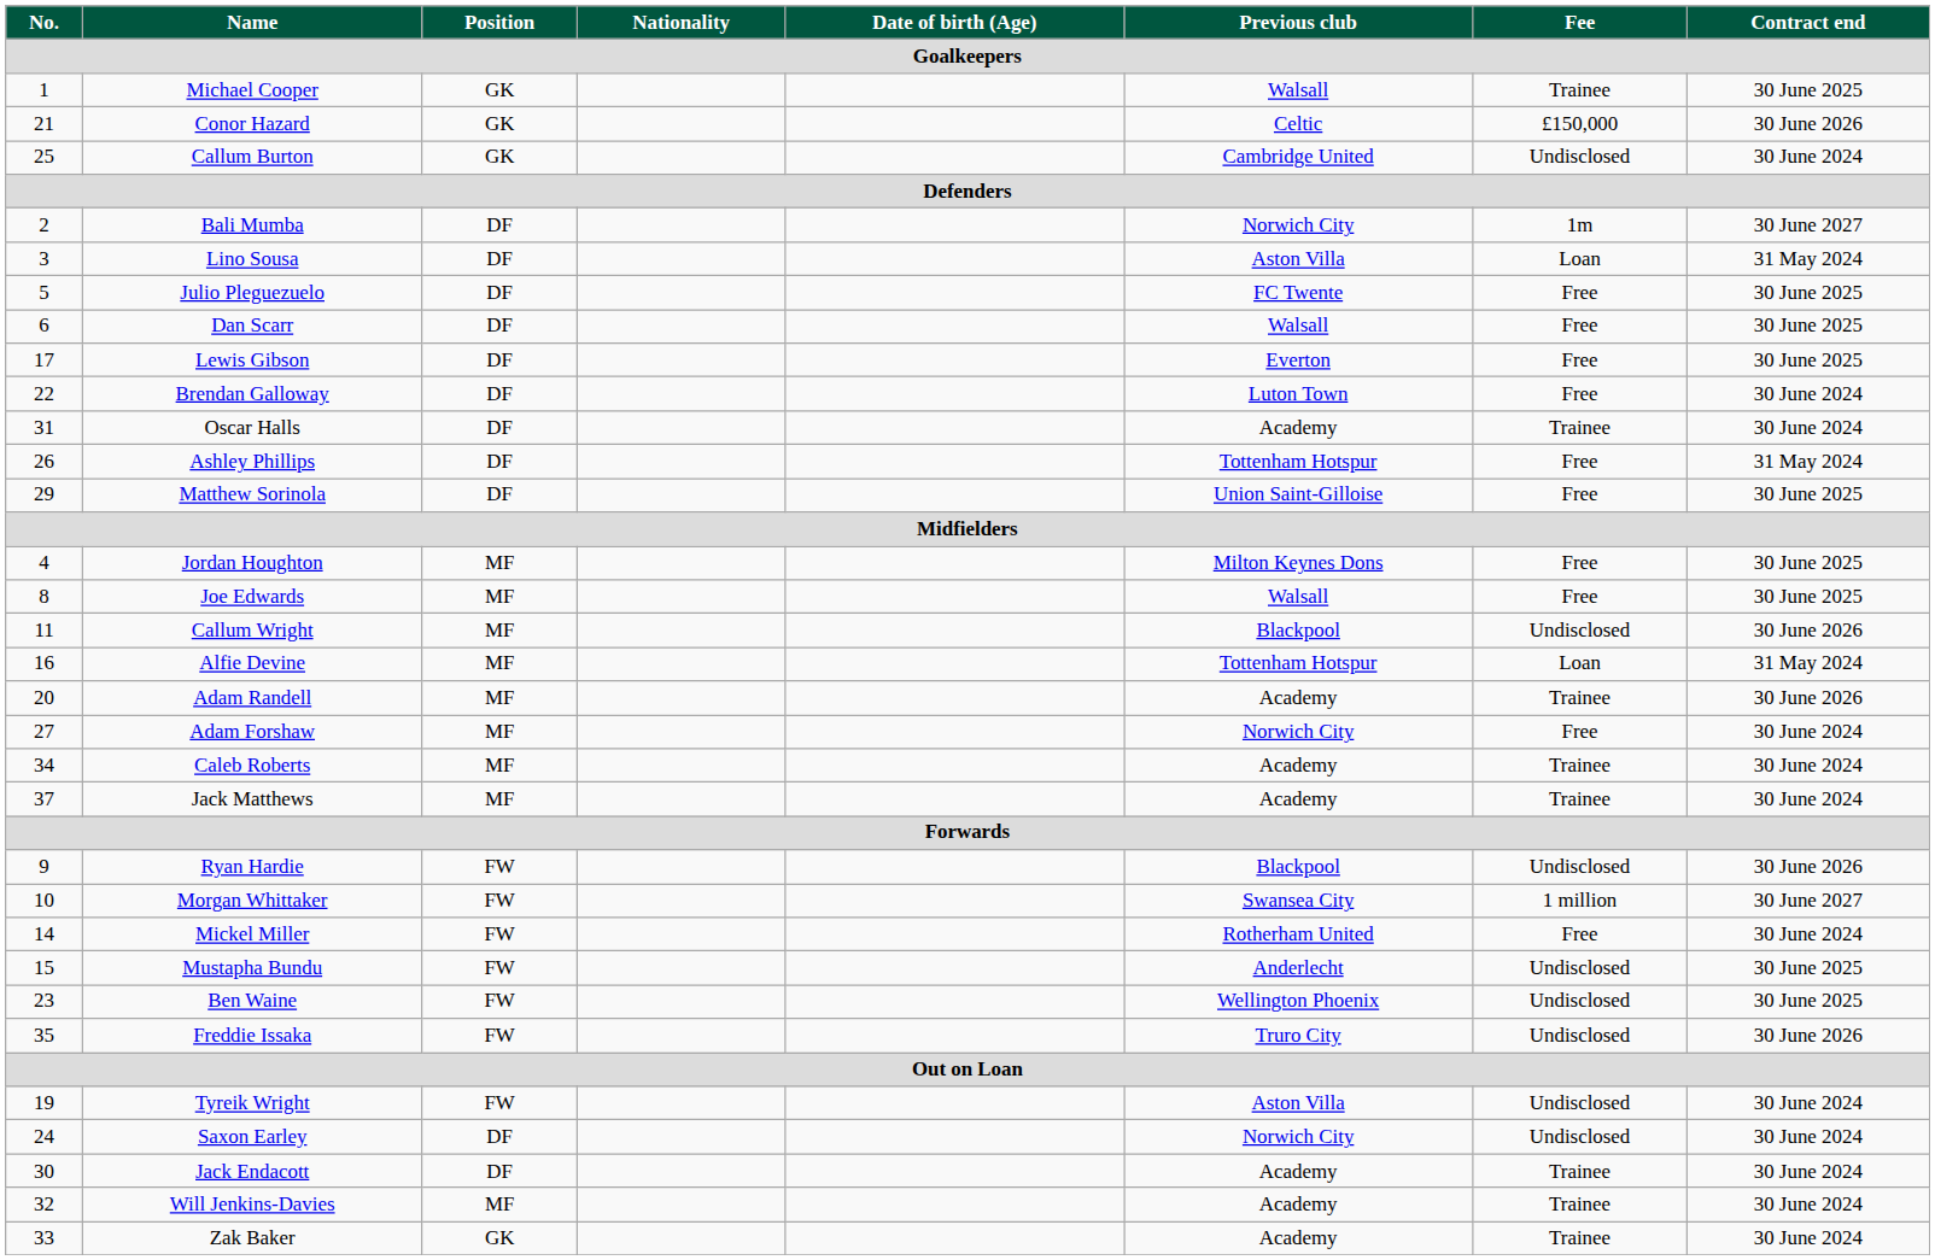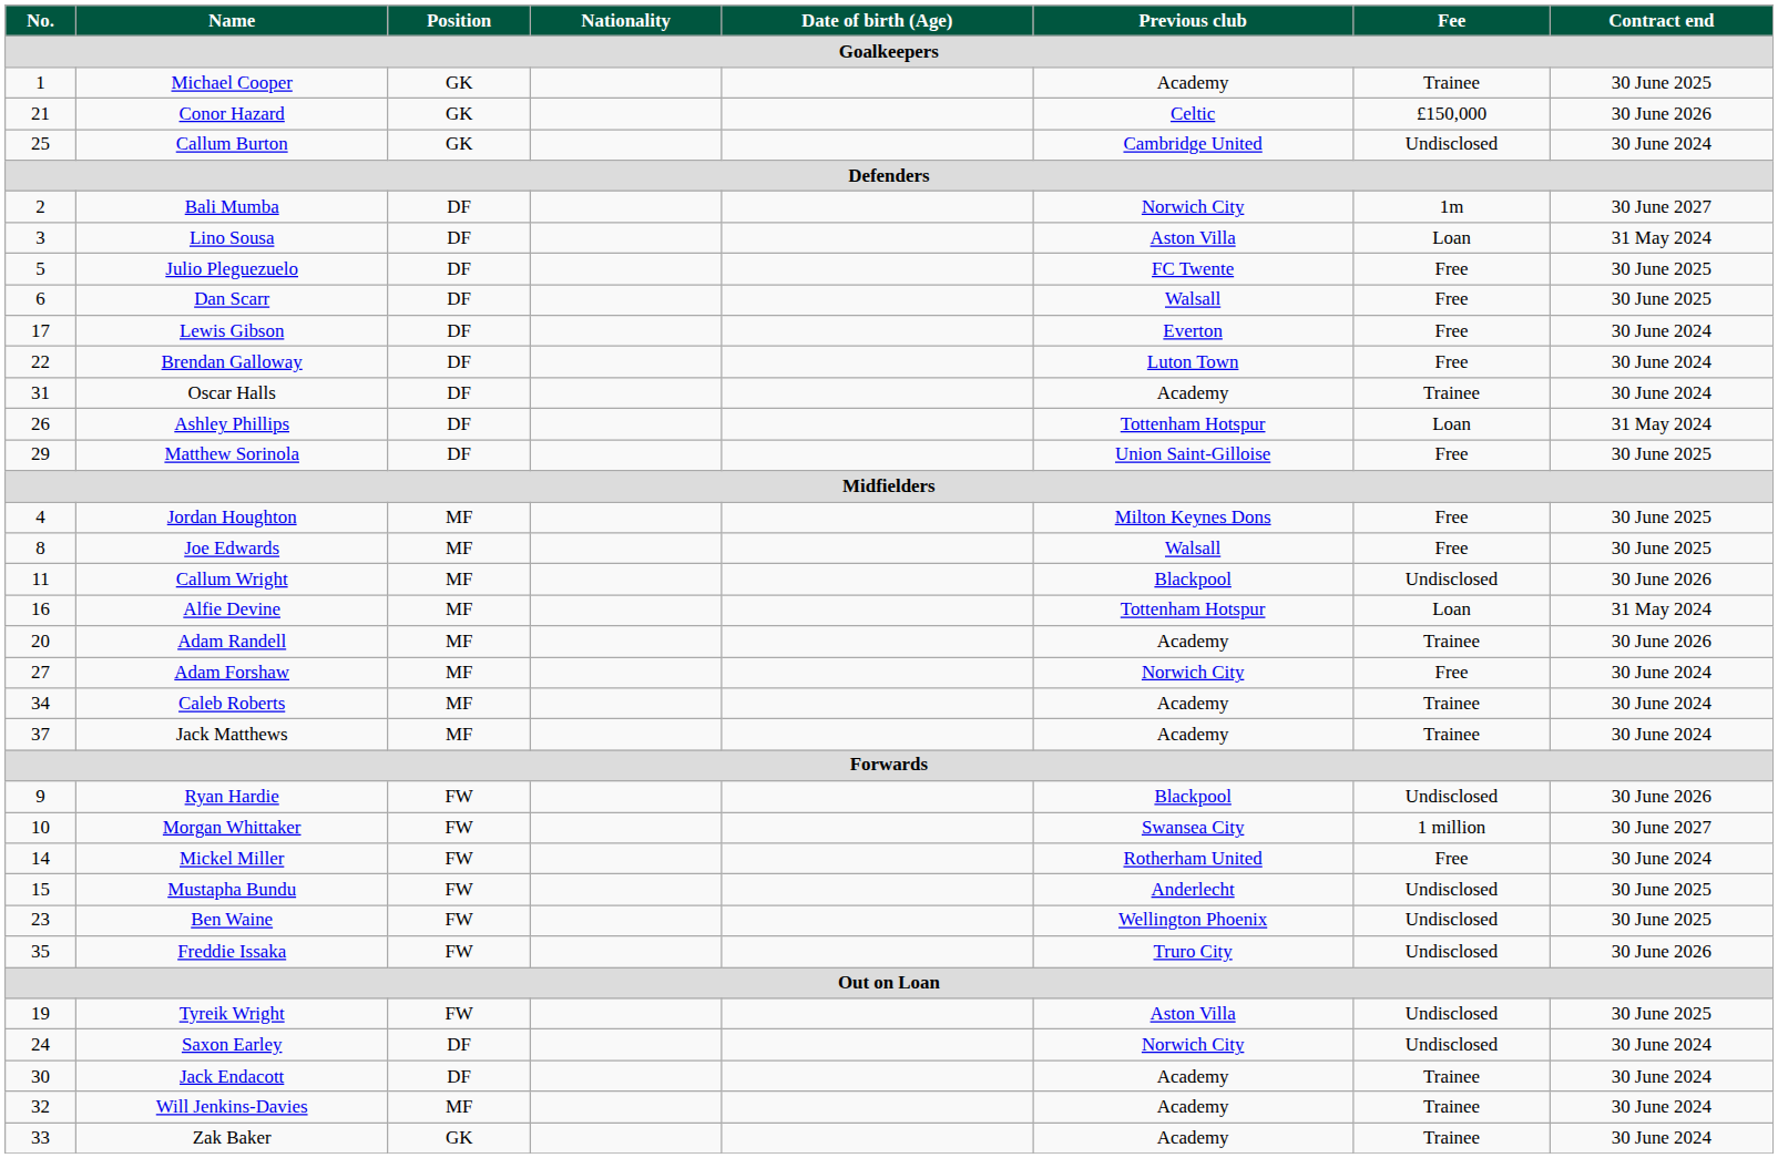 <table class="wikitable" style="text-align:center; font-size:84.5%; width:101%;">
 <tr>
 <th style="background:#00563F;color:#FFFFFF; text-align:center;">No.</th>
 <th style="background:#00563F;color:#FFFFFF; text-align:center;">Name</th>
 <th style="background:#00563F;color:#FFFFFF; text-align:center;">Position</th>
 <th style="background:#00563F;color:#FFFFFF; text-align:center;">Nationality</th>
 <th style="background:#00563F;color:#FFFFFF; text-align:center;">Date of birth (Age)</th>
 <th style="background:#00563F;color:#FFFFFF; text-align:center;">Previous club</th>
 <th style="background:#00563F;color:#FFFFFF; text-align:center;">Fee</th>
 <th style="background:#00563F;color:#FFFFFF; text-align:center;">Contract end</th>
 </tr>
 <tr>
 <th colspan="14" style="background:#dcdcdc; tepxt-align:center;">Goalkeepers</th>
 </tr>
 <tr>
 <td>1</td>
 <td><a href='#'>Michael Cooper</a></td>
 <td>GK</td>
 <td></td>
 <td></td>
-<td><a href='#'>Walsall</a></td>
+<td>Academy</td>
 <td>Trainee</td>
 <td>30 June 2025</td>
 </tr>
 <tr>
 <td>21</td>
 <td><a href='#'>Conor Hazard</a></td>
 <td>GK</td>
 <td></td>
 <td></td>
 <td> <a href='#'>Celtic</a></td>
 <td>£150,000</td>
 <td>30 June 2026</td>
 </tr>
 <tr>
 <td>25</td>
 <td><a href='#'>Callum Burton</a></td>
 <td>GK</td>
 <td></td>
 <td></td>
 <td><a href='#'>Cambridge United</a></td>
 <td>Undisclosed</td>
 <td>30 June 2024</td>
 </tr>
 <tr>
 <th colspan="14" style="background:#dcdcdc; tepxt-align:center;">Defenders</th>
 </tr>
 <tr>
 <td>2</td>
 <td><a href='#'>Bali Mumba</a></td>
 <td>DF</td>
 <td></td>
 <td></td>
 <td><a href='#'>Norwich City</a></td>
 <td>1m</td>
 <td>30 June 2027</td>
 </tr>
 <tr>
 <td>3</td>
 <td><a href='#'>Lino Sousa</a></td>
 <td>DF</td>
 <td></td>
 <td></td>
 <td><a href='#'>Aston Villa</a></td>
 <td>Loan</td>
 <td>31 May 2024</td>
 </tr>
 <tr>
 <td>5</td>
 <td><a href='#'>Julio Pleguezuelo</a></td>
 <td>DF</td>
 <td></td>
 <td></td>
 <td> <a href='#'>FC Twente</a></td>
 <td>Free</td>
 <td>30 June 2025</td>
 </tr>
 <tr>
 <td>6</td>
 <td><a href='#'>Dan Scarr</a></td>
 <td>DF</td>
 <td></td>
 <td></td>
 <td><a href='#'>Walsall</a></td>
 <td>Free</td>
 <td>30 June 2025</td>
 </tr>
 <tr>
 <td>17</td>
 <td><a href='#'>Lewis Gibson</a></td>
 <td>DF</td>
 <td></td>
 <td></td>
 <td><a href='#'>Everton</a></td>
 <td>Free</td>
-<td>30 June 2025</td>
+<td>30 June 2024</td>
 </tr>
 <tr>
 <td>22</td>
 <td><a href='#'>Brendan Galloway</a></td>
 <td>DF</td>
 <td></td>
 <td></td>
 <td><a href='#'>Luton Town</a></td>
 <td>Free</td>
 <td>30 June 2024</td>
 </tr>
 <tr>
 <td>31</td>
 <td>Oscar Halls</td>
 <td>DF</td>
 <td></td>
 <td></td>
 <td>Academy</td>
 <td>Trainee</td>
 <td>30 June 2024</td>
 </tr>
 <tr>
 <td>26</td>
 <td><a href='#'>Ashley Phillips</a></td>
 <td>DF</td>
 <td></td>
 <td></td>
 <td><a href='#'>Tottenham Hotspur</a></td>
-<td>Free</td>
+<td>Loan</td>
 <td>31 May 2024</td>
 </tr>
 <tr>
 <td>29</td>
 <td><a href='#'>Matthew Sorinola</a></td>
 <td>DF</td>
 <td></td>
 <td></td>
 <td> <a href='#'>Union Saint-Gilloise</a></td>
 <td>Free</td>
 <td>30 June 2025</td>
 </tr>
 <tr>
 <th colspan="14" style="background:#dcdcdc; tepxt-align:center;">Midfielders</th>
 </tr>
 <tr>
 <td>4</td>
 <td><a href='#'>Jordan Houghton</a></td>
 <td>MF</td>
 <td></td>
 <td></td>
 <td><a href='#'>Milton Keynes Dons</a></td>
 <td>Free</td>
 <td>30 June 2025</td>
 </tr>
 <tr>
 <td>8</td>
 <td><a href='#'>Joe Edwards</a></td>
 <td>MF</td>
 <td></td>
 <td></td>
 <td><a href='#'>Walsall</a></td>
 <td>Free</td>
 <td>30 June 2025</td>
 </tr>
 <tr>
 <td>11</td>
 <td><a href='#'>Callum Wright</a></td>
 <td>MF</td>
 <td></td>
 <td></td>
 <td><a href='#'>Blackpool</a></td>
 <td>Undisclosed</td>
 <td>30 June 2026</td>
 </tr>
 <tr>
 <td>16</td>
 <td><a href='#'>Alfie Devine</a></td>
 <td>MF</td>
 <td></td>
 <td></td>
 <td><a href='#'>Tottenham Hotspur</a></td>
 <td>Loan</td>
 <td>31 May 2024</td>
 </tr>
 <tr>
 <td>20</td>
 <td><a href='#'>Adam Randell</a></td>
 <td>MF</td>
 <td></td>
 <td></td>
 <td>Academy</td>
 <td>Trainee</td>
 <td>30 June 2026</td>
 </tr>
 <tr>
 <td>27</td>
 <td><a href='#'>Adam Forshaw</a></td>
 <td>MF</td>
 <td></td>
 <td></td>
 <td><a href='#'>Norwich City</a></td>
 <td>Free</td>
 <td>30 June 2024</td>
 </tr>
 <tr>
 <td>34</td>
 <td><a href='#'>Caleb Roberts</a></td>
 <td>MF</td>
 <td></td>
 <td></td>
 <td>Academy</td>
 <td>Trainee</td>
 <td>30 June 2024</td>
 </tr>
 <tr>
 <td>37</td>
 <td>Jack Matthews</td>
 <td>MF</td>
 <td></td>
 <td></td>
 <td>Academy</td>
 <td>Trainee</td>
 <td>30 June 2024</td>
 </tr>
 <tr>
 <th colspan="14" style="background:#dcdcdc; tepxt-align:center;">Forwards</th>
 </tr>
 <tr>
 <td>9</td>
 <td><a href='#'>Ryan Hardie</a></td>
 <td>FW</td>
 <td></td>
 <td></td>
 <td><a href='#'>Blackpool</a></td>
 <td>Undisclosed</td>
 <td>30 June 2026</td>
 </tr>
 <tr>
 <td>10</td>
 <td><a href='#'>Morgan Whittaker</a></td>
 <td>FW</td>
 <td></td>
 <td></td>
 <td> <a href='#'>Swansea City</a></td>
 <td>1 million</td>
 <td>30 June 2027</td>
 </tr>
 <tr>
 <td>14</td>
 <td><a href='#'>Mickel Miller</a></td>
 <td>FW</td>
 <td></td>
 <td></td>
 <td><a href='#'>Rotherham United</a></td>
 <td>Free</td>
 <td>30 June 2024</td>
 </tr>
 <tr>
 <td>15</td>
 <td><a href='#'>Mustapha Bundu</a></td>
 <td>FW</td>
 <td></td>
 <td></td>
 <td> <a href='#'>Anderlecht</a></td>
 <td>Undisclosed</td>
 <td>30 June 2025</td>
 </tr>
 <tr>
 <td>23</td>
 <td><a href='#'>Ben Waine</a></td>
 <td>FW</td>
 <td></td>
 <td></td>
 <td> <a href='#'>Wellington Phoenix</a></td>
 <td>Undisclosed</td>
 <td>30 June 2025</td>
 </tr>
 <tr>
 <td>35</td>
 <td><a href='#'>Freddie Issaka</a></td>
 <td>FW</td>
 <td></td>
 <td></td>
 <td><a href='#'>Truro City</a></td>
 <td>Undisclosed</td>
 <td>30 June 2026</td>
 </tr>
 <tr>
 <th colspan="14" style="background:#dcdcdc; tepxt-align:center;">Out on Loan</th>
 </tr>
 <tr>
 <td>19</td>
 <td><a href='#'>Tyreik Wright</a></td>
 <td>FW</td>
 <td></td>
 <td></td>
 <td><a href='#'>Aston Villa</a></td>
 <td>Undisclosed</td>
-<td>30 June 2024</td>
+<td>30 June 2025</td>
 </tr>
 <tr>
 <td>24</td>
 <td><a href='#'>Saxon Earley</a></td>
 <td>DF</td>
 <td></td>
 <td></td>
 <td><a href='#'>Norwich City</a></td>
 <td>Undisclosed</td>
 <td>30 June 2024</td>
 </tr>
 <tr>
 <td>30</td>
 <td><a href='#'>Jack Endacott</a></td>
 <td>DF</td>
 <td></td>
 <td></td>
 <td>Academy</td>
 <td>Trainee</td>
 <td>30 June 2024</td>
 </tr>
 <tr>
 <td>32</td>
 <td><a href='#'>Will Jenkins-Davies</a></td>
 <td>MF</td>
 <td></td>
 <td></td>
 <td>Academy</td>
 <td>Trainee</td>
 <td>30 June 2024</td>
 </tr>
 <tr>
 <td>33</td>
 <td>Zak Baker</td>
 <td>GK</td>
 <td></td>
 <td></td>
 <td>Academy</td>
 <td>Trainee</td>
 <td>30 June 2024</td>
 </tr>
 </table>
